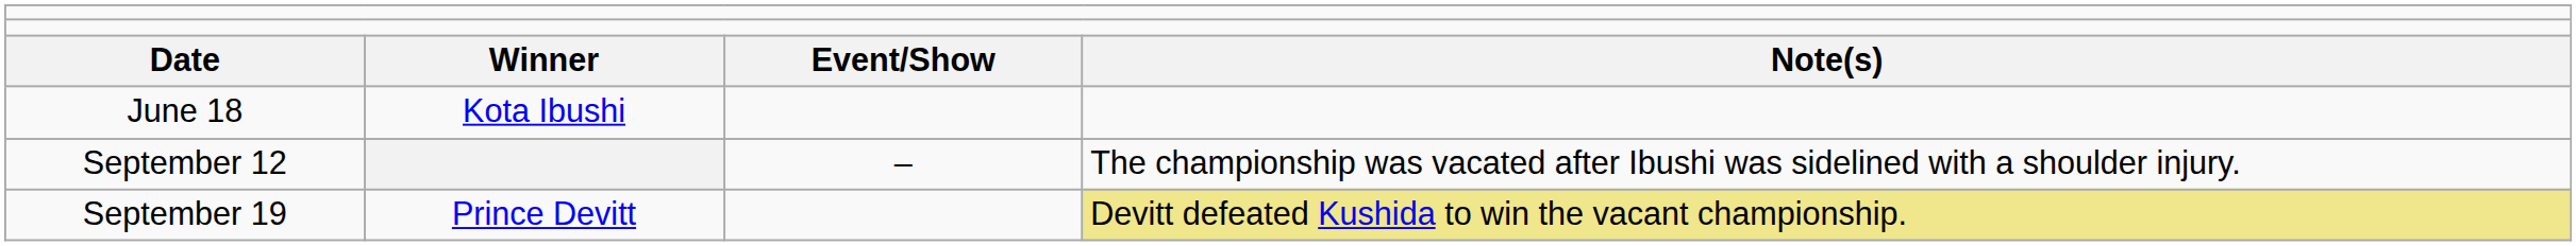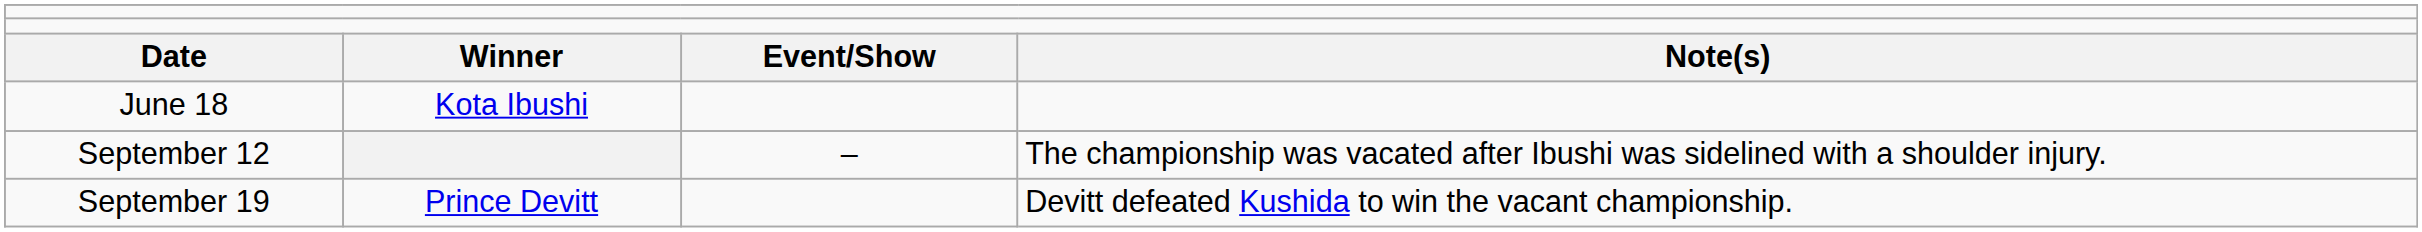 <table class="wikitable" style="text-align:center; width:100%;">
 <tr>
 <td colspan="5"></td>
 </tr>
 <tr>
 <td colspan="5"><strong></strong></td>
 </tr>
 <tr>
 <th width=14%>Date</th>
 <th width=14%>Winner</th>
 <th width=14%>Event/Show</th>
 <th width=58%>Note(s)</th>
 </tr>
 <tr>
 <td>June 18</td>
 <td><a href='#'>Kota Ibushi</a></td>
 <td></td>
 <td align=left></td>
 </tr>
 <tr>
 <td>September 12</td>
 <th></th>
 <td>–</td>
 <td align=left>The championship was vacated after Ibushi was sidelined with a shoulder injury.</td>
 </tr>
 <tr>
 <td>September 19</td>
 <td><a href='#'>Prince Devitt</a></td>
 <td></td>
-<td align=left style="background: khaki;">Devitt defeated <a href='#'>Kushida</a> to win the vacant championship.</td>
+<td align=left>Devitt defeated <a href='#'>Kushida</a> to win the vacant championship.</td>
 </tr>
 </table>
